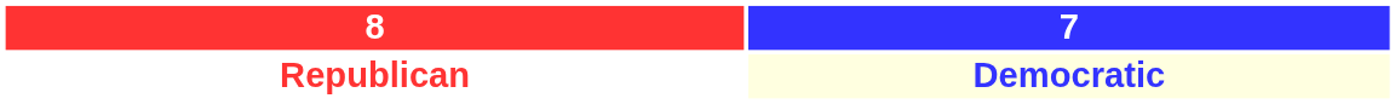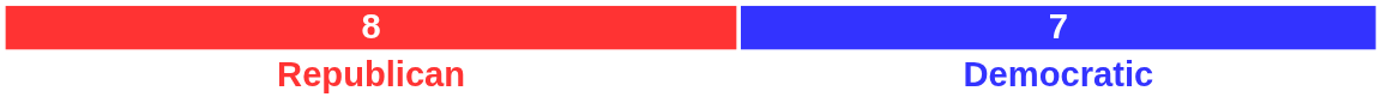 <table style="width:50%">
 <tr>
 <td scope="row" colspan="3" style="text-align:center"></td>
 </tr>
 <tr>
 <td scope="row" style="background:#F33; width:53%; text-align:center; color:white"><strong>8</strong></td>
 <td style="background:#33F; width:46%; text-align:center; color:white"><strong>7</strong></td>
 </tr>
 <tr>
 <td scope="row" style="text-align:center; color:#F33"><strong>Republican</strong></td>
-<td style="background: lightyellow; text-align:center; color:#33F"><strong>Democratic</strong></td>
+<td style="text-align:center; color:#33F"><strong>Democratic</strong></td>
 </tr>
 </table>
